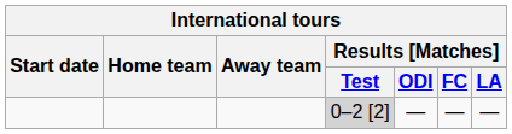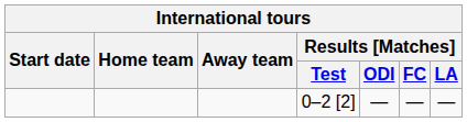 <table class="wikitable">
 <tr>
 <th colspan="7">International tours</th>
 </tr>
 <tr>
 <th rowspan="2">Start date</th>
 <th rowspan="2">Home team</th>
 <th rowspan="2">Away team</th>
 <th colspan="4">Results [Matches]</th>
 </tr>
 <tr>
 <th><a href='#'>Test</a></th>
 <th><a href='#'>ODI</a></th>
 <th><a href='#'>FC</a></th>
 <th><a href='#'>LA</a></th>
 </tr>
 <tr>
 <td><a href='#'></a></td>
 <td></td>
 <td></td>
-<td style="background: lightgrey;">0–2 [2]</td>
+<td>0–2 [2]</td>
 <td ; style="text-align:center">—</td>
 <td ; style="text-align:center">—</td>
 <td ; style="text-align:center">—</td>
 </tr>
 </table>
